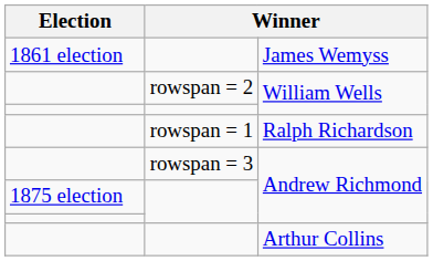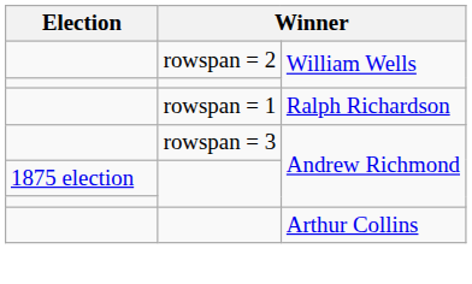 <table class=wikitable>
 <tr>
 <th width=100>Election</th>
 <th width=175 colspan=2>Winner</th>
-</tr>
-<tr>
-<td><a href='#'>1861 election</a></td>
-<td></td>
-<td><a href='#'>James Wemyss</a></td>
 </tr>
 <tr>
 <td></td>
 <td>rowspan = 2 </td>
 <td rowspan = 2><a href='#'>William Wells</a></td>
 </tr>
 <tr>
 <td></td>
 </tr>
 <tr>
 <td></td>
 <td>rowspan = 1 </td>
 <td rowspan = 1><a href='#'>Ralph Richardson</a></td>
 </tr>
 <tr>
 <td></td>
 <td>rowspan = 3 </td>
 <td rowspan = 3><a href='#'>Andrew Richmond</a></td>
 </tr>
 <tr>
 <td><a href='#'>1875 election</a></td>
 </tr>
 <tr>
 <td></td>
 </tr>
 <tr>
 <td></td>
 <td></td>
 <td><a href='#'>Arthur Collins</a></td>
 </tr>
 </table>
